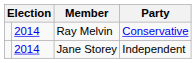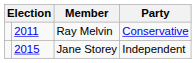 <table class="wikitable">
 <tr>
 <th colspan="2">Election</th>
 <th>Member</th>
 <th>Party</th>
 </tr>
 <tr>
 <td style="background-color: "></td>
-<td><a href='#'>2014</a></td>
+<td><a href='#'>2011</a></td>
 <td>Ray Melvin</td>
 <td><a href='#'>Conservative</a></td>
 </tr>
 <tr>
 <td style="background-color: "></td>
-<td><a href='#'>2014</a></td>
+<td><a href='#'>2015</a></td>
 <td>Jane Storey</td>
 <td>Independent</td>
 </tr>
 </table>
